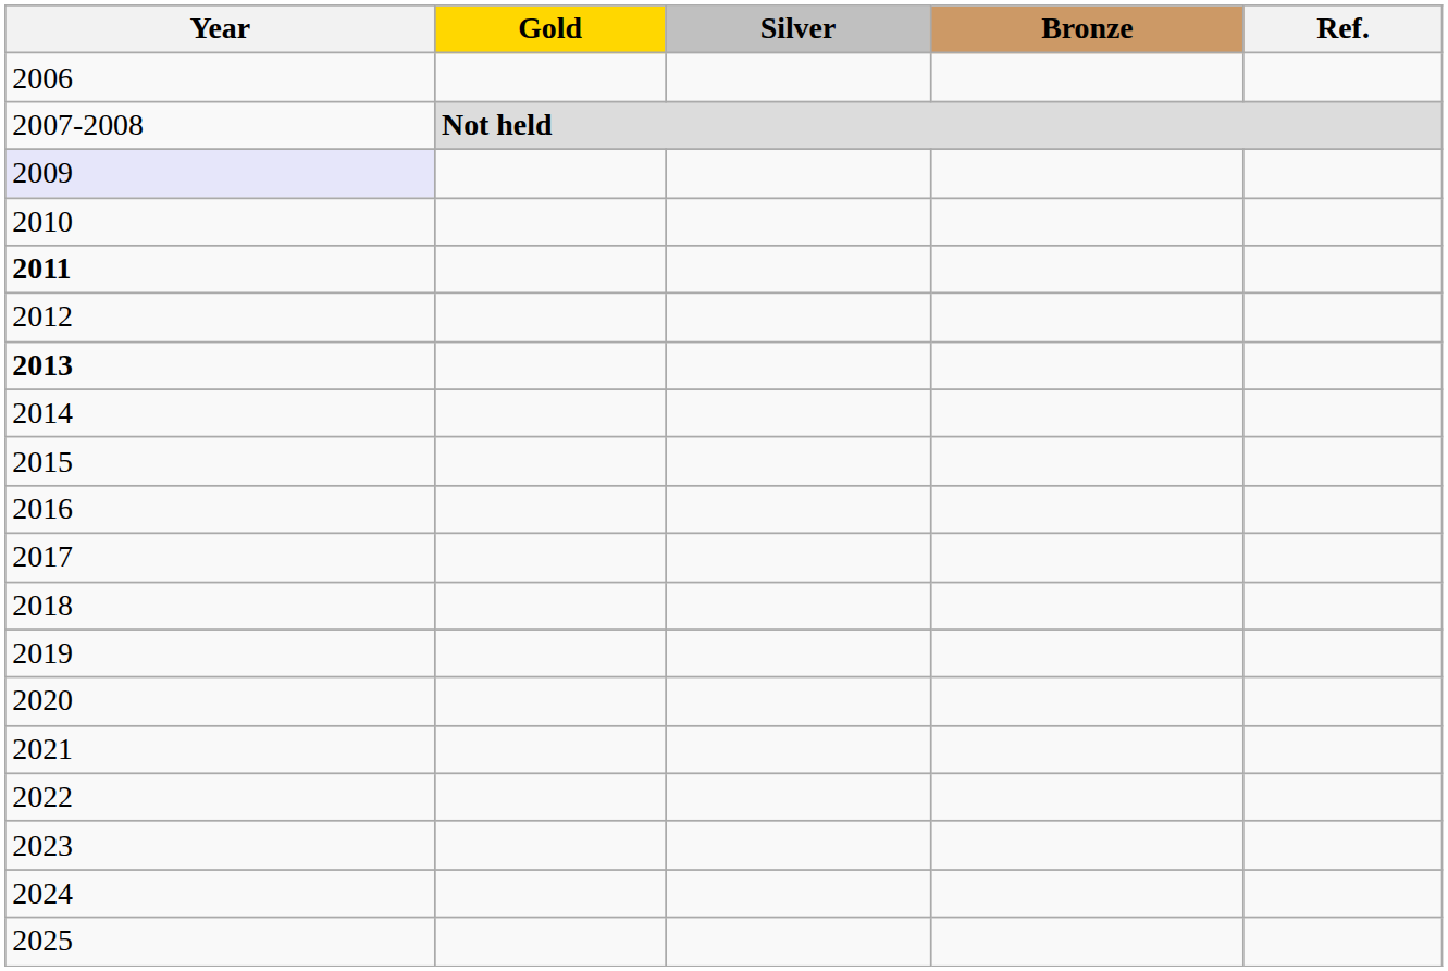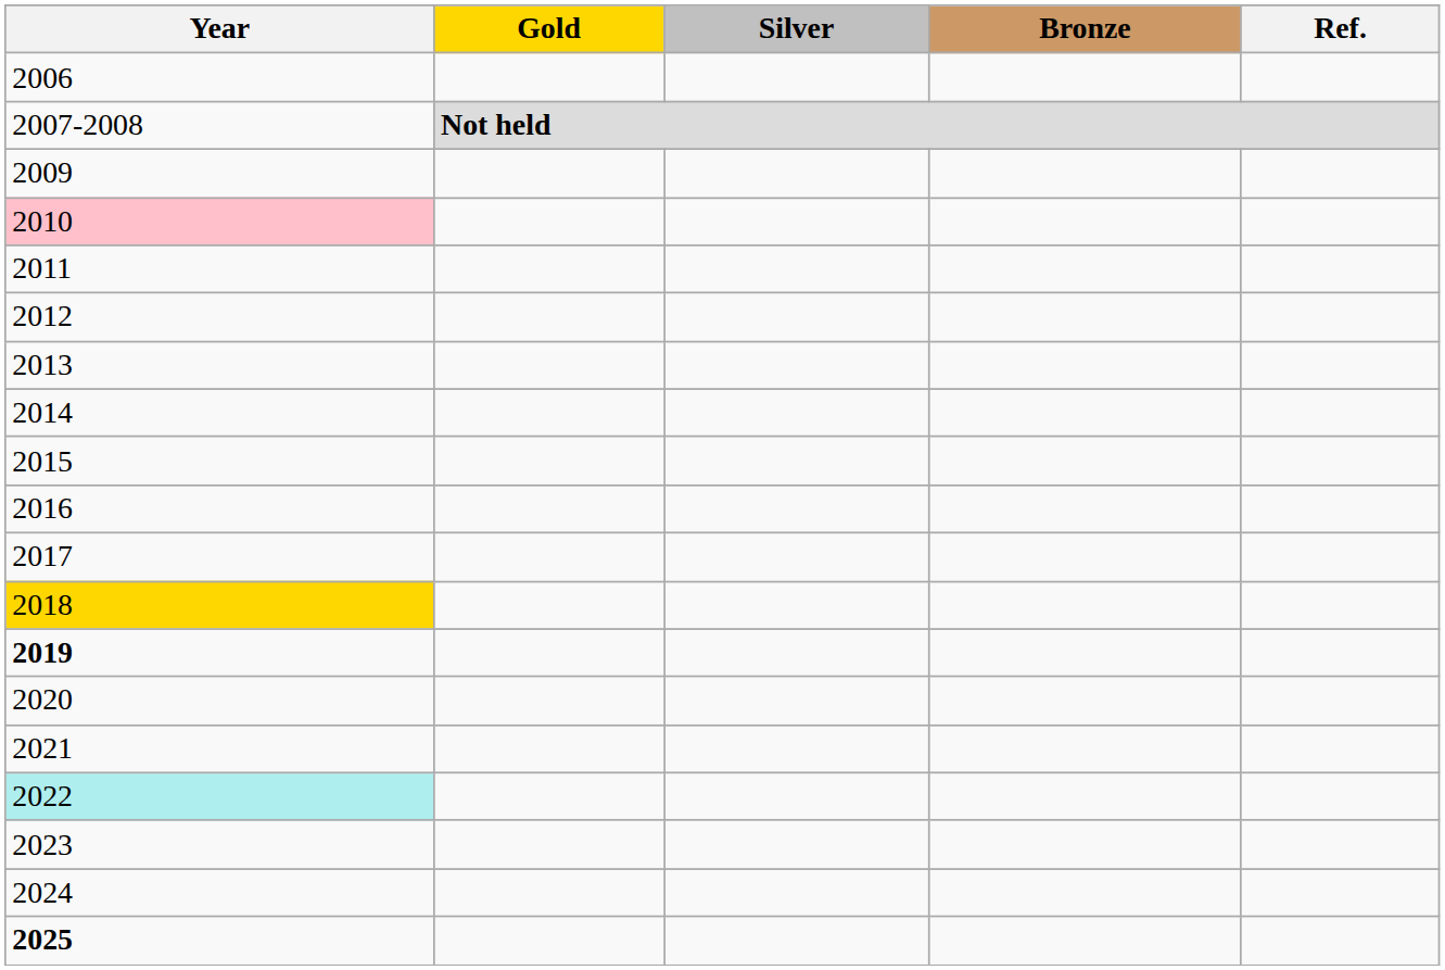 <table class="wikitable sortable" style="width: 760px;">
 <tr>
 <th scope=col>Year</th>
 <th scope=col style="background-color:Gold">Gold</th>
 <th scope=col style="background-color:Silver">Silver</th>
 <th scope=col style="background-color:#cc9966">Bronze</th>
 <th class=unsortable>Ref.</th>
 </tr>
 <tr>
 <td>2006</td>
 <td></td>
 <td></td>
 <td></td>
 <td></td>
 </tr>
 <tr>
 <td>2007-2008</td>
 <th colspan="4" style="text-align:left; background:#DCDCDC; "><span> <strong>Not held</strong></span></th>
 </tr>
 <tr>
-<td style="background: lavender;">2009</td>
+<td>2009</td>
 <td></td>
 <td></td>
 <td></td>
 <td></td>
 </tr>
 <tr>
-<td>2010</td>
+<td style="background: pink;">2010</td>
 <td></td>
 <td></td>
 <td></td>
 <td></td>
 </tr>
 <tr>
-<td><strong>2011</strong></td>
+<td>2011</td>
 <td></td>
 <td></td>
 <td></td>
 <td></td>
 </tr>
 <tr>
 <td>2012</td>
 <td></td>
 <td></td>
 <td></td>
 <td></td>
 </tr>
 <tr>
-<td><strong>2013</strong></td>
+<td>2013</td>
 <td></td>
 <td></td>
 <td></td>
 <td></td>
 </tr>
 <tr>
 <td>2014</td>
 <td></td>
 <td></td>
 <td></td>
 <td></td>
 </tr>
 <tr>
 <td>2015</td>
 <td></td>
 <td></td>
 <td></td>
 <td></td>
 </tr>
 <tr>
 <td>2016</td>
 <td></td>
 <td></td>
 <td></td>
 <td></td>
 </tr>
 <tr>
 <td>2017</td>
 <td></td>
 <td></td>
 <td></td>
 <td></td>
 </tr>
 <tr>
-<td>2018</td>
+<td style="background: gold;">2018</td>
 <td></td>
 <td></td>
 <td></td>
 <td></td>
 </tr>
 <tr>
-<td>2019</td>
+<td><strong>2019</strong></td>
 <td></td>
 <td></td>
 <td></td>
 <td></td>
 </tr>
 <tr>
 <td>2020</td>
 <td></td>
 <td></td>
 <td></td>
 <td></td>
 </tr>
 <tr>
 <td>2021</td>
 <td></td>
 <td></td>
 <td></td>
 <td></td>
 </tr>
 <tr>
-<td>2022</td>
+<td style="background: paleturquoise;">2022</td>
 <td></td>
 <td></td>
 <td></td>
 <td></td>
 </tr>
 <tr>
 <td>2023</td>
 <td></td>
 <td></td>
 <td></td>
 <td></td>
 </tr>
 <tr>
 <td>2024</td>
 <td></td>
 <td></td>
 <td></td>
 <td></td>
 </tr>
 <tr>
-<td>2025</td>
+<td><strong>2025</strong></td>
 <td></td>
 <td></td>
 <td></td>
 <td></td>
 </tr>
 </table>
